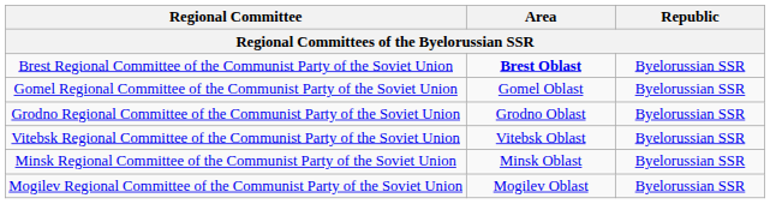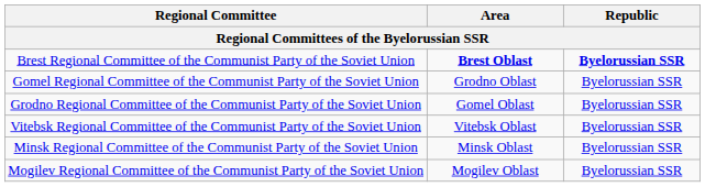 <table class="wikitable" style="text-align:center">
 <tr>
 <th>Regional Committee</th>
 <th width="150">Area</th>
 <th width="150">Republic</th>
 </tr>
 <tr>
 <th colspan="3"><strong>Regional Committees of the Byelorussian SSR</strong></th>
 </tr>
 <tr>
 <td><a href='#'>Brest Regional Committee of the Communist Party of the Soviet Union</a></td>
 <td><strong><a href='#'>Brest Oblast</a></strong></td>
-<td> <a href='#'>Byelorussian SSR</a></td>
+<td><strong> <a href='#'>Byelorussian SSR</a></strong></td>
 </tr>
 <tr>
 <td><a href='#'>Gomel Regional Committee of the Communist Party of the Soviet Union</a></td>
-<td><a href='#'>Gomel Oblast</a></td>
+<td><a href='#'>Grodno Oblast</a></td>
 <td> <a href='#'>Byelorussian SSR</a></td>
 </tr>
 <tr>
 <td><a href='#'>Grodno Regional Committee of the Communist Party of the Soviet Union</a></td>
-<td><a href='#'>Grodno Oblast</a></td>
+<td><a href='#'>Gomel Oblast</a></td>
 <td> <a href='#'>Byelorussian SSR</a></td>
 </tr>
 <tr>
 <td><a href='#'>Vitebsk Regional Committee of the Communist Party of the Soviet Union</a></td>
 <td><a href='#'>Vitebsk Oblast</a></td>
 <td> <a href='#'>Byelorussian SSR</a></td>
 </tr>
 <tr>
 <td><a href='#'>Minsk Regional Committee of the Communist Party of the Soviet Union</a></td>
 <td><a href='#'>Minsk Oblast</a></td>
 <td> <a href='#'>Byelorussian SSR</a></td>
 </tr>
 <tr>
 <td><a href='#'>Mogilev Regional Committee of the Communist Party of the Soviet Union</a></td>
 <td><a href='#'>Mogilev Oblast</a></td>
 <td> <a href='#'>Byelorussian SSR</a></td>
 </tr>
 </table>
